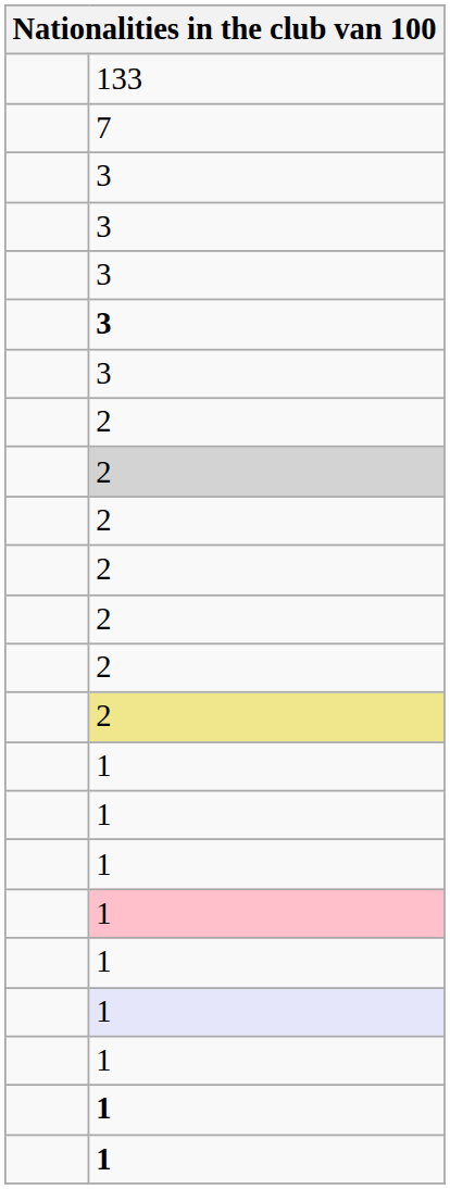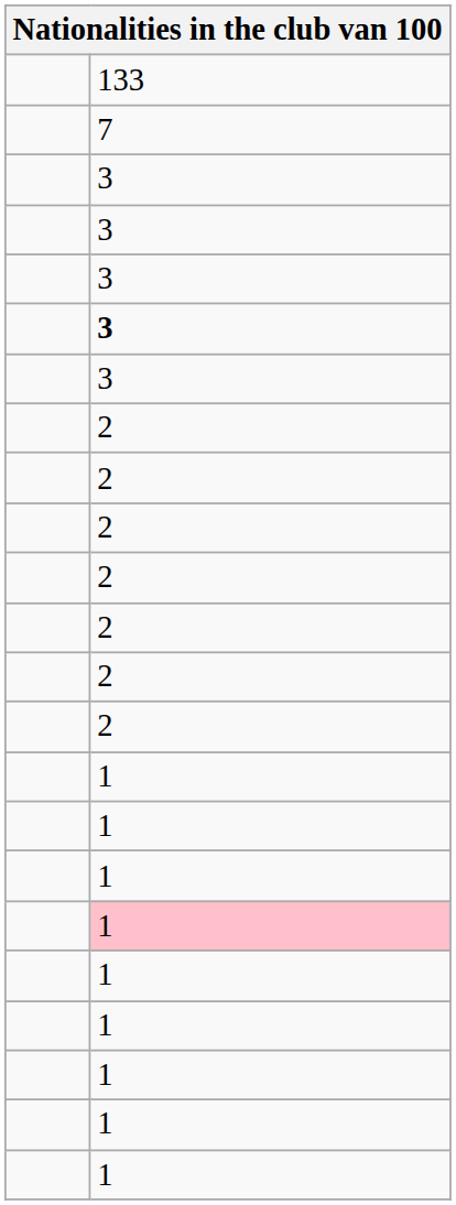 <table class="wikitable">
 <tr>
 <th colspan="2">Nationalities in the club van 100</th>
 </tr>
 <tr>
 <td></td>
 <td>133</td>
 </tr>
 <tr>
 <td></td>
 <td>7</td>
 </tr>
 <tr>
 <td></td>
 <td>3</td>
 </tr>
 <tr>
 <td></td>
 <td>3</td>
 </tr>
 <tr>
 <td></td>
 <td>3</td>
 </tr>
 <tr>
 <td></td>
 <td><strong>3</strong></td>
 </tr>
 <tr>
 <td></td>
 <td>3</td>
 </tr>
 <tr>
 <td></td>
 <td>2</td>
 </tr>
 <tr>
 <td></td>
-<td style="background: lightgrey;">2</td>
+<td>2</td>
 </tr>
 <tr>
 <td></td>
 <td>2</td>
 </tr>
 <tr>
 <td></td>
 <td>2</td>
 </tr>
 <tr>
 <td></td>
 <td>2</td>
 </tr>
 <tr>
 <td></td>
 <td>2</td>
 </tr>
 <tr>
 <td></td>
-<td style="background: khaki;">2</td>
+<td>2</td>
 </tr>
 <tr>
 <td></td>
 <td>1</td>
 </tr>
 <tr>
 <td></td>
 <td>1</td>
 </tr>
 <tr>
 <td></td>
 <td>1</td>
 </tr>
 <tr>
 <td></td>
 <td style="background: pink;">1</td>
 </tr>
 <tr>
 <td></td>
 <td>1</td>
 </tr>
 <tr>
 <td></td>
-<td style="background: lavender;">1</td>
+<td>1</td>
 </tr>
 <tr>
 <td></td>
 <td>1</td>
 </tr>
 <tr>
 <td></td>
-<td><strong>1</strong></td>
+<td>1</td>
 </tr>
 <tr>
 <td></td>
-<td><strong>1</strong></td>
+<td>1</td>
 </tr>
 </table>
